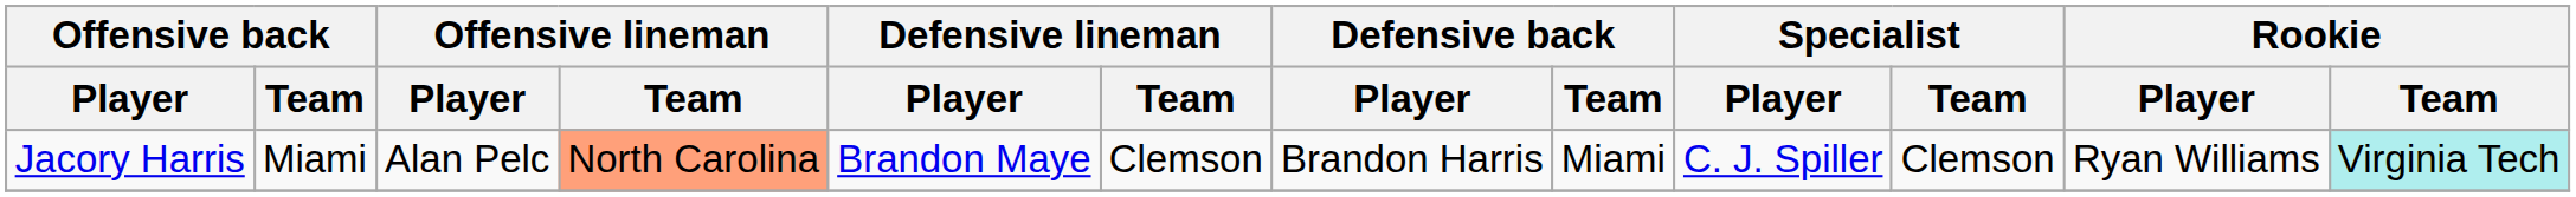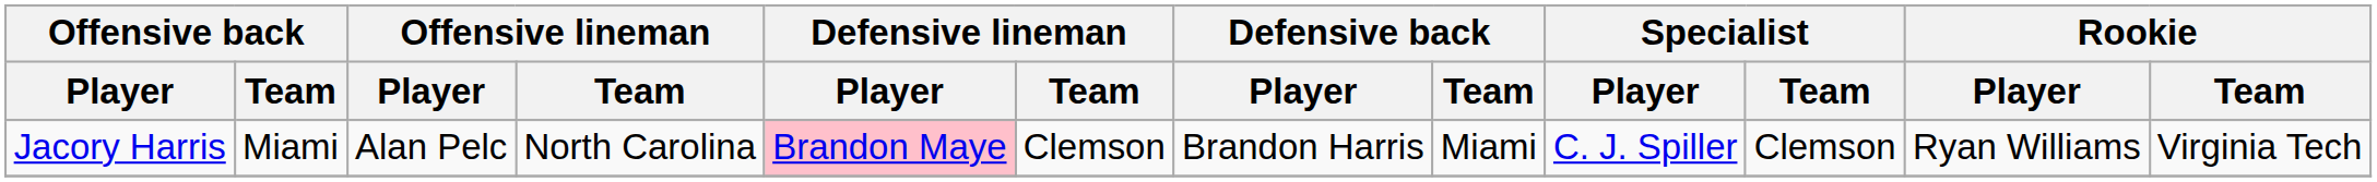 <table class="wikitable" border="1">
 <tr>
 <th colspan="2">Offensive back</th>
 <th colspan="2">Offensive lineman</th>
 <th colspan="2">Defensive lineman</th>
 <th colspan="2">Defensive back</th>
 <th colspan="2">Specialist</th>
 <th colspan="2">Rookie</th>
 </tr>
 <tr>
 <th>Player</th>
 <th>Team</th>
 <th>Player</th>
 <th>Team</th>
 <th>Player</th>
 <th>Team</th>
 <th>Player</th>
 <th>Team</th>
 <th>Player</th>
 <th>Team</th>
 <th>Player</th>
 <th>Team</th>
 </tr>
 <tr>
 <td><a href='#'>Jacory Harris</a></td>
 <td>Miami</td>
 <td>Alan Pelc</td>
-<td style="background: lightsalmon;">North Carolina</td>
-<td><a href='#'>Brandon Maye</a></td>
+<td>North Carolina</td>
+<td style="background: pink;"><a href='#'>Brandon Maye</a></td>
 <td>Clemson</td>
 <td>Brandon Harris</td>
 <td>Miami</td>
 <td><a href='#'>C. J. Spiller</a></td>
 <td>Clemson</td>
 <td>Ryan Williams</td>
-<td style="background: paleturquoise;">Virginia Tech</td>
+<td>Virginia Tech</td>
 </tr>
 <tr>
 </tr>
 </table>
